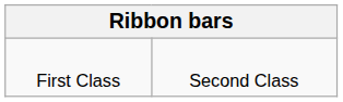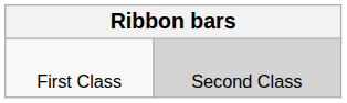 <table class="wikitable" style="margin:1em auto; width:40%;">
 <tr>
 <th colspan=2>Ribbon bars </th>
 </tr>
 <tr>
 <td align=center><br><small>First Class</small></td>
-<td align=center><br><small>Second Class</small></td>
+<td align=center style="background: lightgrey;"><br><small>Second Class</small></td>
 </tr>
 </table>
